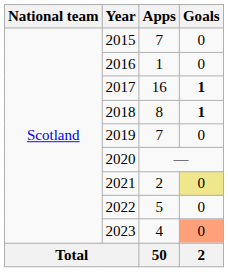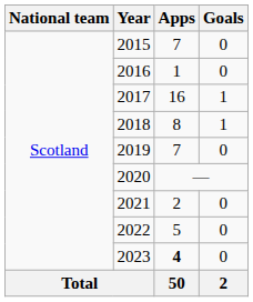 <table class="wikitable" style="text-align:center">
 <tr>
 <th>National team</th>
 <th>Year</th>
 <th>Apps</th>
 <th>Goals</th>
 </tr>
 <tr>
 <td rowspan="9"><a href='#'>Scotland</a></td>
 <td>2015</td>
 <td>7</td>
 <td>0</td>
 </tr>
 <tr>
 <td>2016</td>
 <td>1</td>
 <td>0</td>
 </tr>
 <tr>
 <td>2017</td>
 <td>16</td>
-<td><strong>1</strong></td>
+<td>1</td>
 </tr>
 <tr>
 <td>2018</td>
 <td>8</td>
-<td><strong>1</strong></td>
+<td>1</td>
 </tr>
 <tr>
 <td>2019</td>
 <td>7</td>
 <td>0</td>
 </tr>
 <tr>
 <td>2020</td>
 <td colspan=2>—</td>
 </tr>
 <tr>
 <td>2021</td>
 <td>2</td>
-<td style="background: khaki;">0</td>
+<td>0</td>
 </tr>
 <tr>
 <td>2022</td>
 <td>5</td>
 <td>0</td>
 </tr>
 <tr>
 <td>2023</td>
-<td>4</td>
-<td style="background: lightsalmon;">0</td>
+<td><strong>4</strong></td>
+<td>0</td>
 </tr>
 <tr>
 <th colspan=2>Total</th>
 <th>50</th>
 <th>2</th>
 </tr>
 </table>
